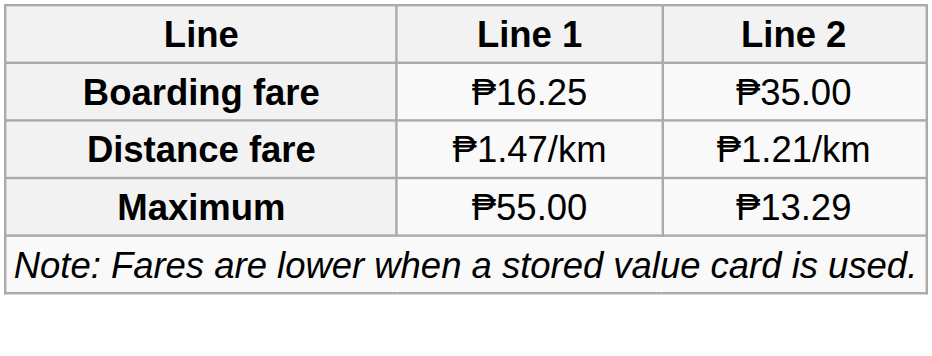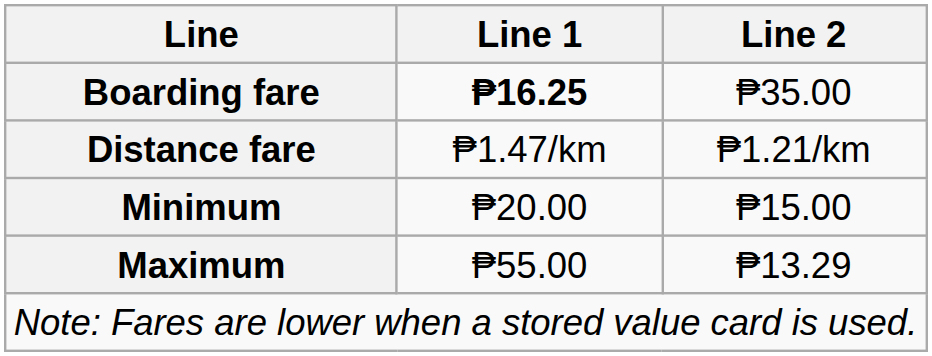 <table class="wikitable floatright" style="font-size:95%; border: none; text-align:center">
 <tr>
 <th>Line</th>
 <th style="background-color:#">Line 1</th>
 <th style="background-color:#">Line 2</th>
 </tr>
 <tr>
 <th>Boarding fare</th>
-<td>₱16.25</td>
+<td><strong>₱16.25</strong></td>
 <td>₱35.00</td>
 </tr>
 <tr>
 <th>Distance fare</th>
 <td>₱1.47/km</td>
 <td>₱1.21/km</td>
+</tr>
+<tr>
+<th>Minimum</th>
+<td>₱20.00</td>
+<td>₱15.00</td>
 </tr>
 <tr>
 <th>Maximum</th>
 <td>₱55.00</td>
 <td>₱13.29</td>
 </tr>
 <tr>
 <td colspan="3"><em>Note: Fares are lower when a stored value card is used.</em></td>
 </tr>
 </table>
